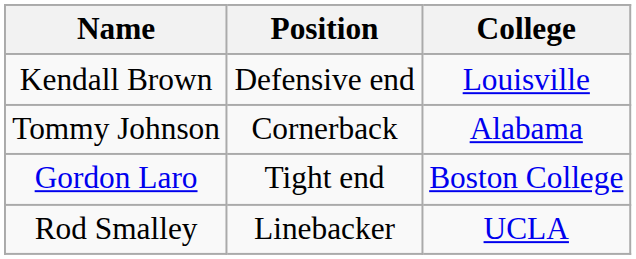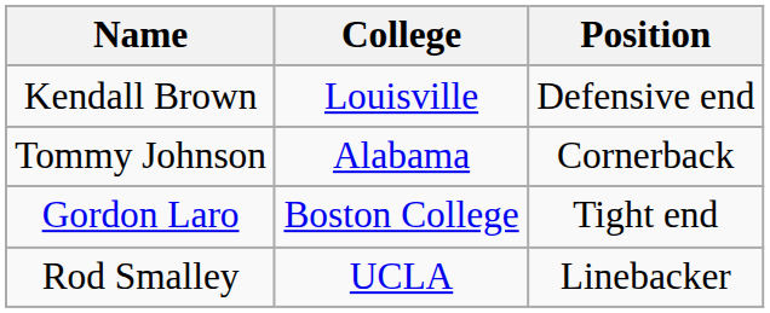 <table class="wikitable" style="text-align:center">
 <tr>
 <th>Name</th>
+<th>College</th>
 <th>Position</th>
-<th>College</th>
 </tr>
 <tr>
 <td>Kendall Brown</td>
+<td><a href='#'>Louisville</a></td>
 <td>Defensive end</td>
-<td><a href='#'>Louisville</a></td>
 </tr>
 <tr>
 <td>Tommy Johnson</td>
+<td><a href='#'>Alabama</a></td>
 <td>Cornerback</td>
-<td><a href='#'>Alabama</a></td>
 </tr>
 <tr>
 <td><a href='#'>Gordon Laro</a></td>
+<td><a href='#'>Boston College</a></td>
 <td>Tight end</td>
-<td><a href='#'>Boston College</a></td>
 </tr>
 <tr>
 <td>Rod Smalley</td>
+<td><a href='#'>UCLA</a></td>
 <td>Linebacker</td>
-<td><a href='#'>UCLA</a></td>
 </tr>
 </table>
